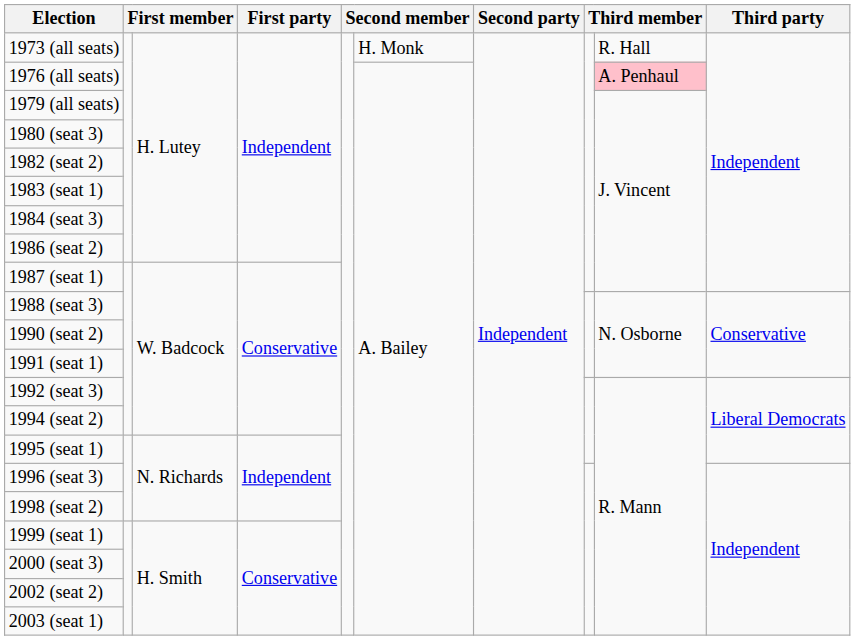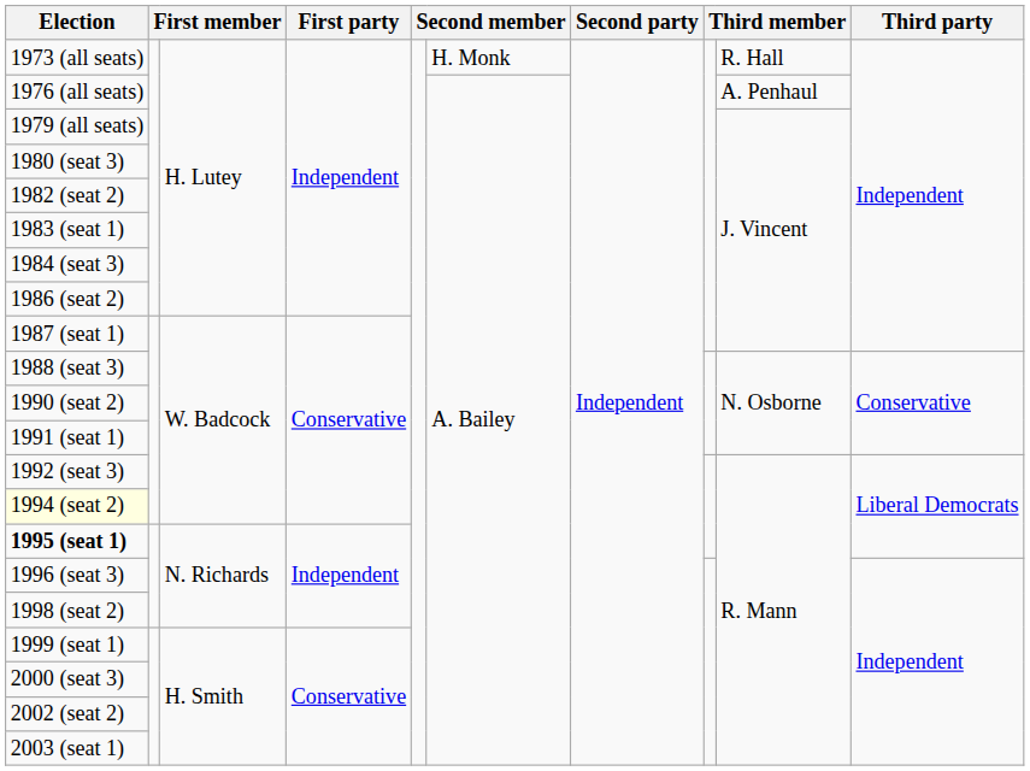 <table class="wikitable">
 <tr>
 <th>Election</th>
 <th colspan="2">First member</th>
 <th>First party</th>
 <th colspan="2">Second member</th>
 <th>Second party</th>
 <th colspan="2">Third member</th>
 <th>Third party</th>
 </tr>
 <tr>
 <td>1973 (all seats)</td>
 <td rowspan="8" style="background-color: "></td>
 <td rowspan="8">H. Lutey</td>
 <td rowspan="8"><a href='#'>Independent</a></td>
 <td rowspan="21" style="background-color: "></td>
 <td rowspan="1">H. Monk</td>
 <td rowspan="21"><a href='#'>Independent</a></td>
 <td rowspan="9" style="background-color: "></td>
 <td rowspan="1">R. Hall</td>
 <td rowspan="9"><a href='#'>Independent</a></td>
 </tr>
 <tr>
 <td>1976 (all seats)</td>
 <td rowspan="20">A. Bailey</td>
-<td style="background: pink;">A. Penhaul</td>
+<td>A. Penhaul</td>
 </tr>
 <tr>
 <td>1979 (all seats)</td>
 <td rowspan="7">J. Vincent</td>
 </tr>
 <tr>
 <td>1980 (seat 3)</td>
 </tr>
 <tr>
 <td>1982 (seat 2)</td>
 </tr>
 <tr>
 <td>1983 (seat 1)</td>
 </tr>
 <tr>
 <td>1984 (seat 3)</td>
 </tr>
 <tr>
 <td>1986 (seat 2)</td>
 </tr>
 <tr>
 <td>1987 (seat 1)</td>
 <td rowspan="6" style="background-color: "></td>
 <td rowspan="6">W. Badcock</td>
 <td rowspan="6"><a href='#'>Conservative</a></td>
 </tr>
 <tr>
 <td>1988 (seat 3)</td>
 <td rowspan="3" style="background-color: "></td>
 <td rowspan="3">N. Osborne</td>
 <td rowspan="3"><a href='#'>Conservative</a></td>
 </tr>
 <tr>
 <td>1990 (seat 2)</td>
 </tr>
 <tr>
 <td>1991 (seat 1)</td>
 </tr>
 <tr>
 <td>1992 (seat 3)</td>
 <td rowspan="3" style="background-color: "></td>
 <td rowspan="9">R. Mann</td>
 <td rowspan="3"><a href='#'>Liberal Democrats</a></td>
 </tr>
 <tr>
-<td>1994 (seat 2)</td>
+<td style="background: lightyellow;">1994 (seat 2)</td>
 </tr>
 <tr>
-<td>1995 (seat 1)</td>
+<td><strong>1995 (seat 1)</strong></td>
 <td rowspan="3" style="background-color: "></td>
 <td rowspan="3">N. Richards</td>
 <td rowspan="3"><a href='#'>Independent</a></td>
 </tr>
 <tr>
 <td>1996 (seat 3)</td>
 <td rowspan="6" style="background-color: "></td>
 <td rowspan="6"><a href='#'>Independent</a></td>
 </tr>
 <tr>
 <td>1998 (seat 2)</td>
 </tr>
 <tr>
 <td>1999 (seat 1)</td>
 <td rowspan="4" style="background-color: "></td>
 <td rowspan="4">H. Smith</td>
 <td rowspan="4"><a href='#'>Conservative</a></td>
 </tr>
 <tr>
 <td>2000 (seat 3)</td>
 </tr>
 <tr>
 <td>2002 (seat 2)</td>
 </tr>
 <tr>
 <td>2003 (seat 1)</td>
 </tr>
 </table>
